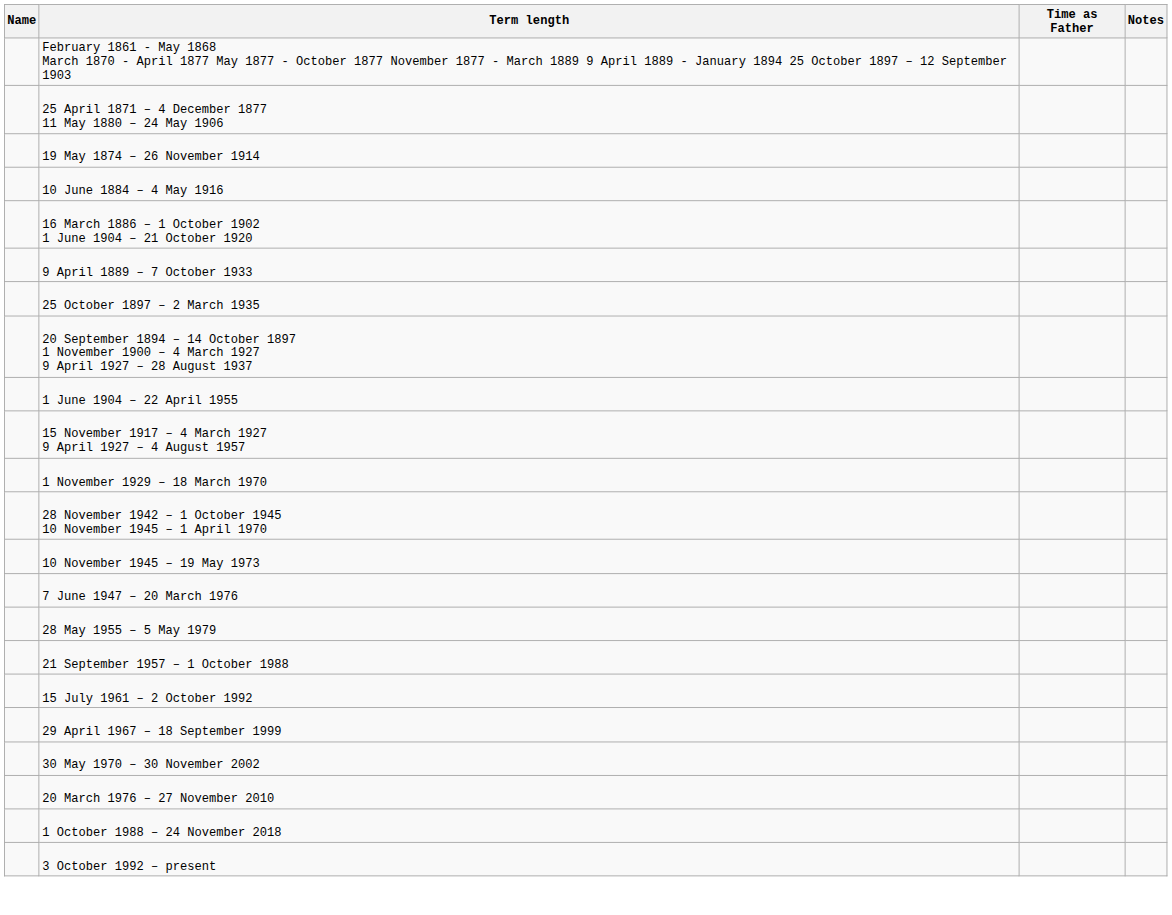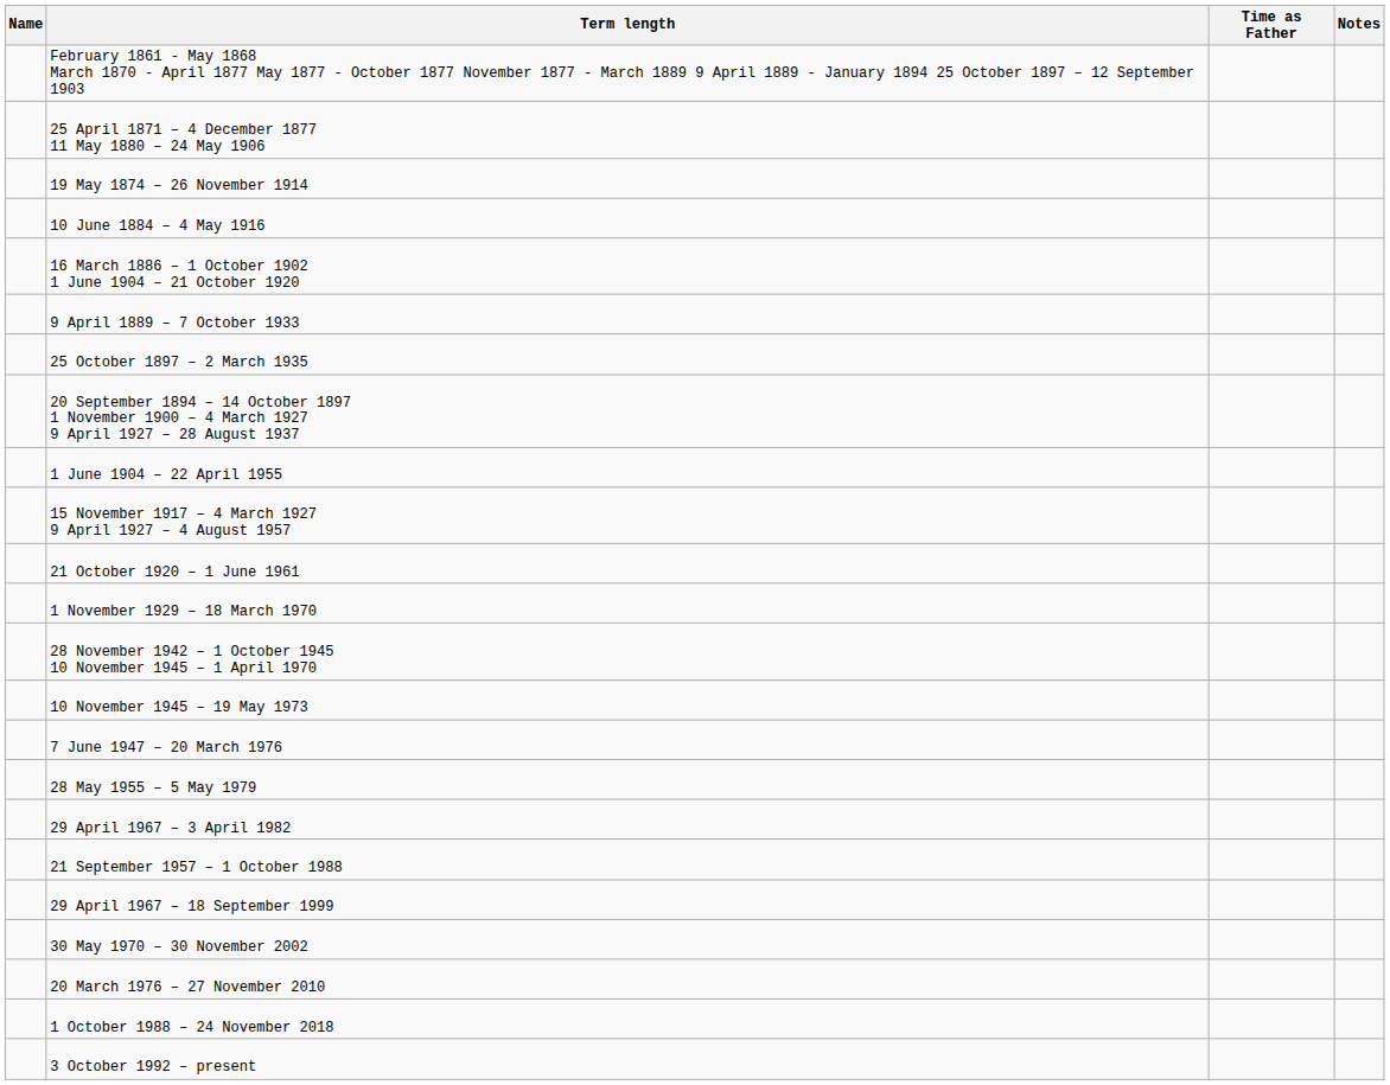 <table class="wikitable sortable defaultcenter">
 <tr>
 <th>Name</th>
 <th>Term length</th>
 <th>Time as Father</th>
 <th>Notes</th>
 </tr>
 <tr>
 <td></td>
 <td>February 1861 - May 1868<br>March 1870 - April 1877 May 1877 - October 1877 November 1877 - March 1889 9 April 1889 - January 1894 25 October 1897 – 12 September 1903 </td>
 <td></td>
 <td></td>
 </tr>
 <tr>
 <td></td>
 <td><br>25 April 1871 – 4 December 1877<br>11 May 1880 – 24 May 1906</td>
 <td></td>
 <td><br></td>
 </tr>
 <tr>
 <td></td>
 <td><br>19 May 1874 – 26 November 1914</td>
 <td></td>
 <td><br></td>
 </tr>
 <tr>
 <td></td>
 <td><br>10 June 1884 – 4 May 1916</td>
 <td></td>
 <td></td>
 </tr>
 <tr>
 <td></td>
 <td><br>16 March 1886 – 1 October 1902<br>1 June 1904 – 21 October 1920</td>
 <td></td>
 <td></td>
 </tr>
 <tr>
 <td></td>
 <td><br>9 April 1889 – 7 October 1933</td>
 <td></td>
 <td></td>
 </tr>
 <tr>
 <td></td>
 <td><br>25 October 1897 – 2 March 1935</td>
 <td></td>
 <td></td>
 </tr>
 <tr>
 <td></td>
 <td><br>20 September 1894 – 14 October 1897<br>1 November 1900 – 4 March 1927<br>9 April 1927 – 28 August 1937</td>
 <td></td>
 <td></td>
 </tr>
 <tr>
 <td></td>
 <td><br>1 June 1904 – 22 April 1955</td>
 <td></td>
 <td></td>
 </tr>
 <tr>
 <td></td>
 <td><br>15 November 1917 – 4 March 1927<br>9 April 1927 – 4 August 1957</td>
 <td></td>
 <td></td>
 </tr>
 <tr>
 <td></td>
+<td><br>21 October 1920 – 1 June 1961</td>
+<td></td>
+<td></td>
+</tr>
+<tr>
+<td></td>
 <td><br>1 November 1929 – 18 March 1970</td>
 <td></td>
 <td></td>
 </tr>
 <tr>
 <td></td>
 <td><br>28 November 1942 – 1 October 1945<br>10 November 1945 – 1 April 1970</td>
 <td></td>
 <td></td>
 </tr>
 <tr>
 <td></td>
 <td><br>10 November 1945 – 19 May 1973</td>
 <td></td>
 <td></td>
 </tr>
 <tr>
 <td></td>
 <td><br>7 June 1947 – 20 March 1976</td>
 <td></td>
 <td></td>
 </tr>
 <tr>
 <td></td>
 <td><br>28 May 1955 – 5 May 1979</td>
 <td></td>
 <td></td>
 </tr>
 <tr>
 <td></td>
-<td><br>21 September 1957 – 1 October 1988</td>
+<td><br>29 April 1967 – 3 April 1982</td>
 <td></td>
 <td></td>
 </tr>
 <tr>
 <td></td>
-<td><br>15 July 1961 – 2 October 1992</td>
+<td><br>21 September 1957 – 1 October 1988</td>
 <td></td>
 <td></td>
 </tr>
 <tr>
 <td></td>
 <td><br>29 April 1967 – 18 September 1999</td>
 <td></td>
 <td></td>
 </tr>
 <tr>
 <td></td>
 <td><br>30 May 1970 – 30 November 2002</td>
 <td></td>
 <td></td>
 </tr>
 <tr>
 <td></td>
 <td><br>20 March 1976 – 27 November 2010</td>
 <td></td>
 <td></td>
 </tr>
 <tr>
 <td></td>
 <td><br>1 October 1988 – 24 November 2018</td>
 <td></td>
 <td></td>
 </tr>
 <tr>
 <td></td>
 <td><br>3 October 1992 – present</td>
 <td></td>
 <td></td>
 </tr>
 </table>
